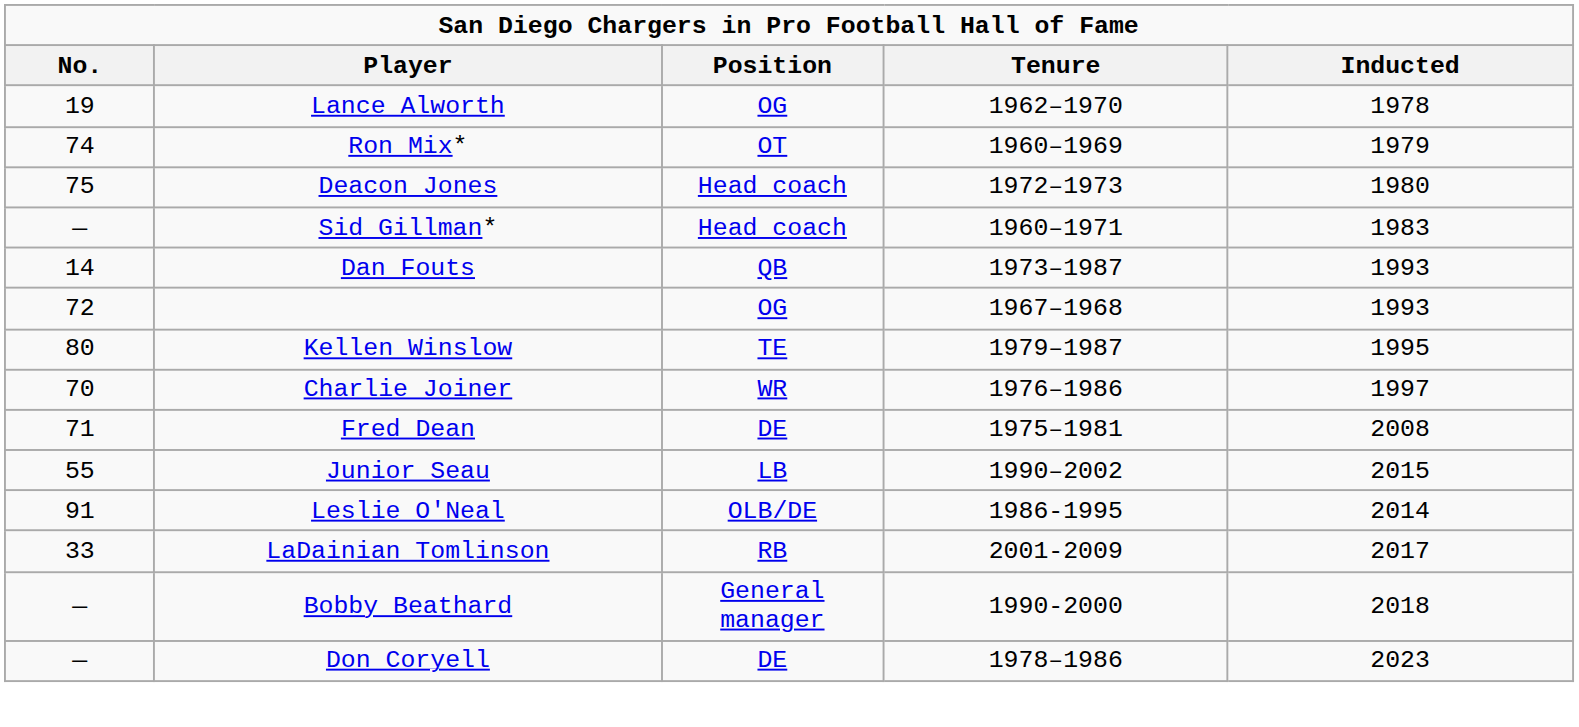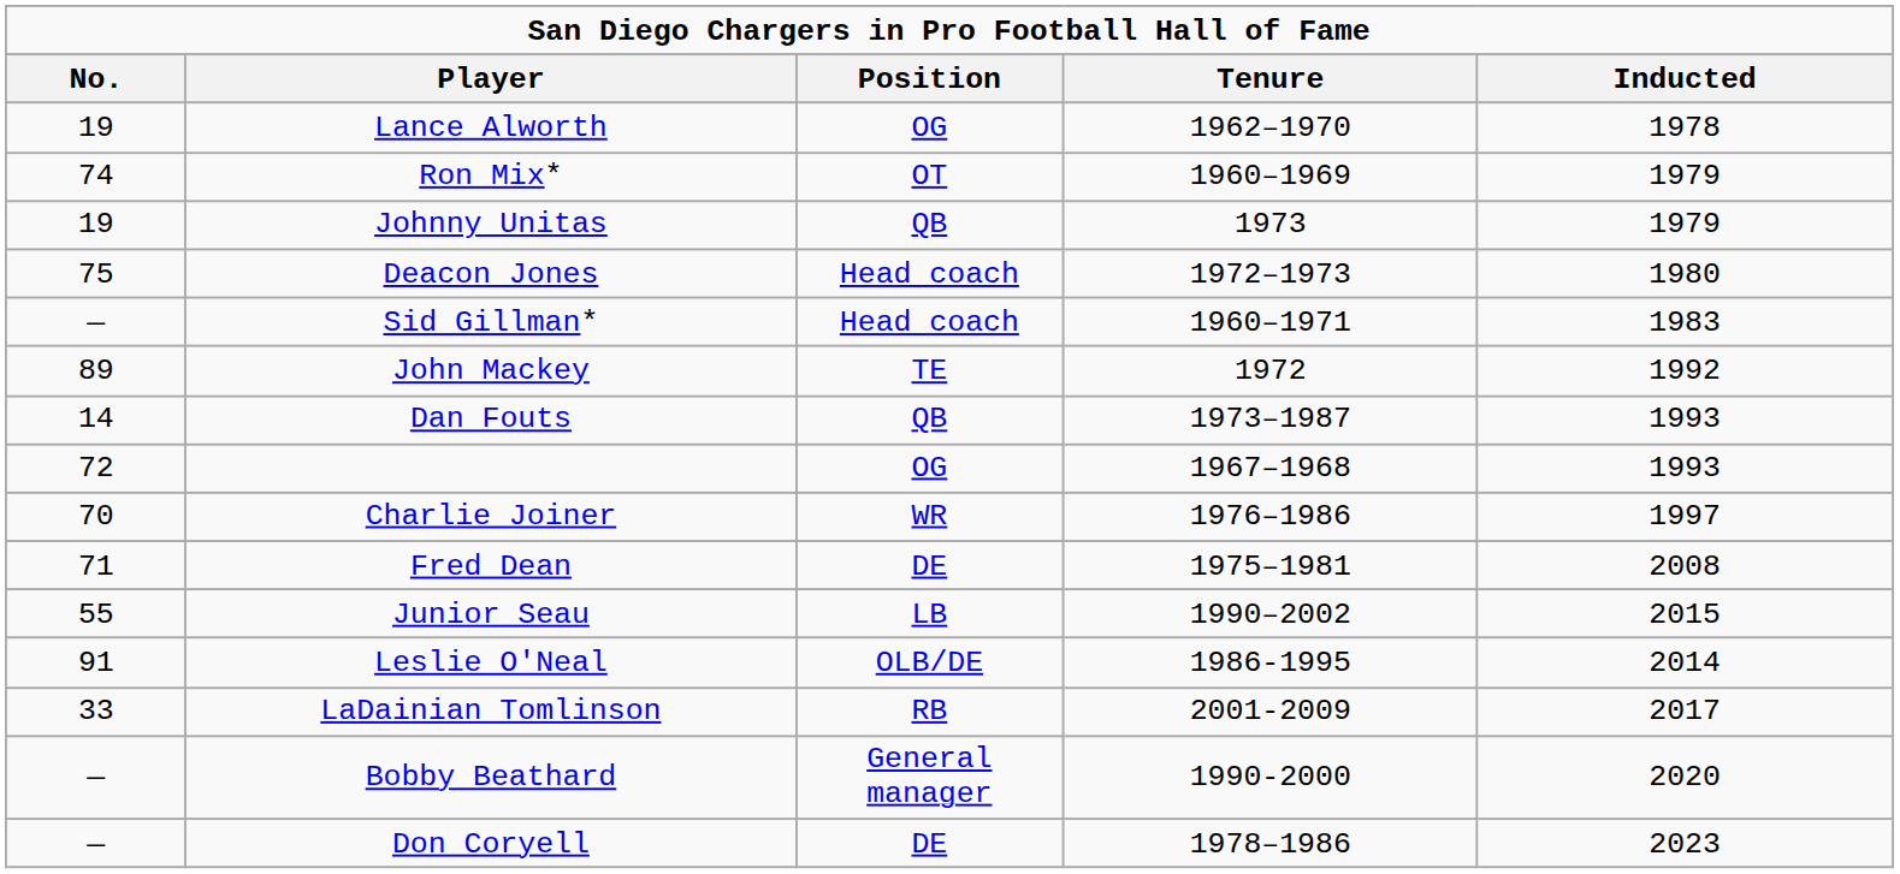 <table class="wikitable sortable" style="text-align:center" width=65%>
 <tr>
 <td colspan="5"><strong>San Diego Chargers in Pro Football Hall of Fame</strong></td>
 </tr>
 <tr>
 <th style="width:40px; ">No.</th>
 <th style="width:150px; ">Player</th>
 <th style="width:40px; ">Position</th>
 <th style="width:100px; ">Tenure</th>
 <th style="width:100px; ">Inducted</th>
 </tr>
 <tr>
 <td>19</td>
 <td><a href='#'>Lance Alworth</a></td>
 <td><a href='#'>OG</a></td>
 <td>1962–1970</td>
 <td>1978</td>
 </tr>
 <tr>
 <td>74</td>
 <td><a href='#'>Ron Mix</a>*</td>
 <td><a href='#'>OT</a></td>
 <td>1960–1969</td>
 <td>1979</td>
 </tr>
 <tr>
+<td>19</td>
+<td><a href='#'>Johnny Unitas</a></td>
+<td><a href='#'>QB</a></td>
+<td>1973</td>
+<td>1979</td>
+</tr>
+<tr>
 <td>75</td>
 <td><a href='#'>Deacon Jones</a></td>
 <td><a href='#'>Head coach</a></td>
 <td>1972–1973</td>
 <td>1980</td>
 </tr>
 <tr>
 <td>—</td>
 <td><a href='#'>Sid Gillman</a>*</td>
 <td><a href='#'>Head coach</a></td>
 <td>1960–1971</td>
 <td>1983</td>
 </tr>
 <tr>
+<td>89</td>
+<td><a href='#'>John Mackey</a></td>
+<td><a href='#'>TE</a></td>
+<td>1972</td>
+<td>1992</td>
+</tr>
+<tr>
 <td>14</td>
 <td><a href='#'>Dan Fouts</a></td>
 <td><a href='#'>QB</a></td>
 <td>1973–1987</td>
 <td>1993</td>
 </tr>
 <tr>
 <td>72</td>
 <td></td>
 <td><a href='#'>OG</a></td>
 <td>1967–1968</td>
 <td>1993</td>
-</tr>
-<tr>
-<td>80</td>
-<td><a href='#'>Kellen Winslow</a></td>
-<td><a href='#'>TE</a></td>
-<td>1979–1987</td>
-<td>1995</td>
 </tr>
 <tr>
 <td>70</td>
 <td><a href='#'>Charlie Joiner</a></td>
 <td><a href='#'>WR</a></td>
 <td>1976–1986</td>
 <td>1997</td>
 </tr>
 <tr>
 <td>71</td>
 <td><a href='#'>Fred Dean</a></td>
 <td><a href='#'>DE</a></td>
 <td>1975–1981</td>
 <td>2008</td>
 </tr>
 <tr>
 <td>55</td>
 <td><a href='#'>Junior Seau</a></td>
 <td><a href='#'>LB</a></td>
 <td>1990–2002</td>
 <td>2015</td>
 </tr>
 <tr>
 <td>91</td>
 <td><a href='#'>Leslie O'Neal</a></td>
 <td><a href='#'>OLB/DE</a></td>
 <td>1986-1995</td>
 <td>2014</td>
 </tr>
 <tr>
 <td>33</td>
 <td><a href='#'>LaDainian Tomlinson</a></td>
 <td><a href='#'>RB</a></td>
 <td>2001-2009</td>
 <td>2017</td>
 </tr>
 <tr>
 <td>—</td>
 <td><a href='#'>Bobby Beathard</a></td>
 <td><a href='#'>General manager</a></td>
 <td>1990-2000</td>
-<td>2018</td>
+<td>2020</td>
 </tr>
 <tr>
 <td>—</td>
 <td><a href='#'>Don Coryell</a></td>
 <td><a href='#'>DE</a></td>
 <td>1978–1986</td>
 <td>2023</td>
 </tr>
 </table>
